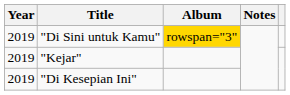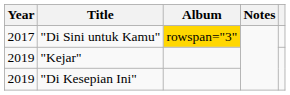 <table class="wikitable unsortable">
 <tr>
 <th>Year</th>
 <th>Title</th>
 <th>Album</th>
 <th>Notes</th>
 <th></th>
 </tr>
 <tr>
-<td>2019</td>
+<td>2017</td>
 <td>"Di Sini untuk Kamu"</td>
 <td style="background: gold;">rowspan="3" </td>
 <td rowspan="3"></td>
 <td align="center"></td>
 </tr>
 <tr>
 <td>2019</td>
 <td>"Kejar"</td>
 <td align="center"></td>
 </tr>
 <tr>
 <td>2019</td>
 <td>"Di Kesepian Ini"</td>
 <td align="center"></td>
 </tr>
 </table>
